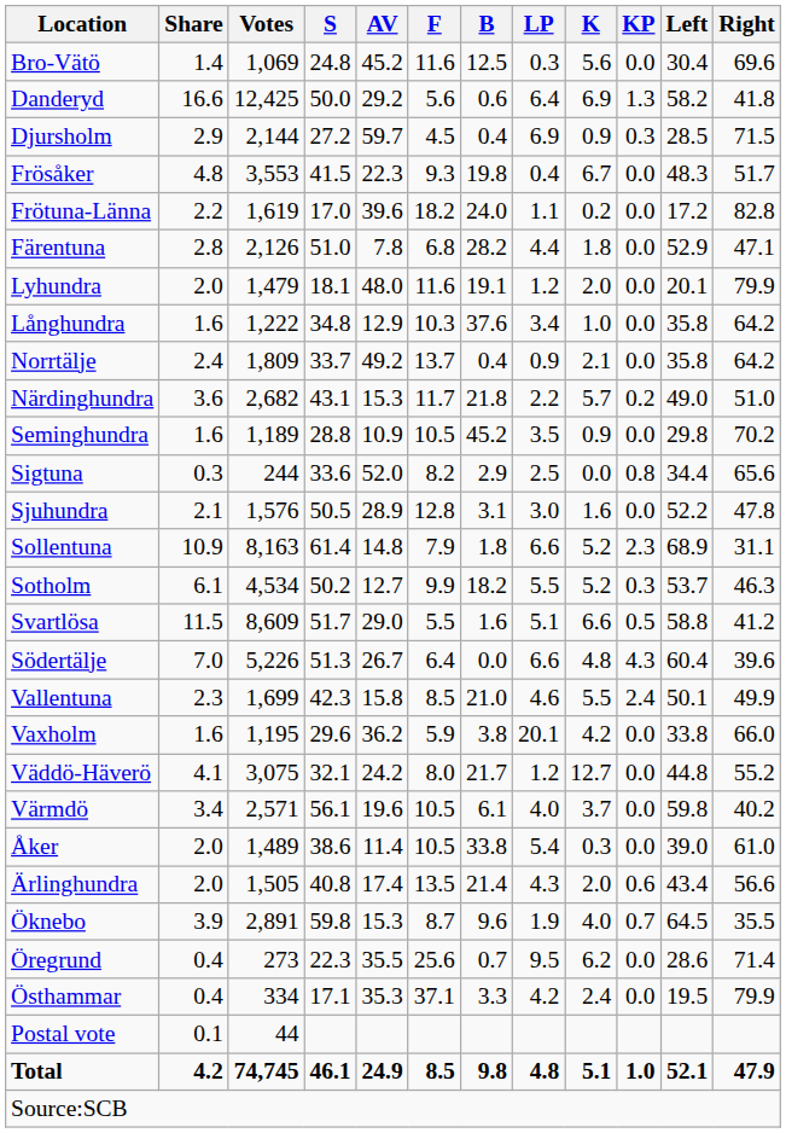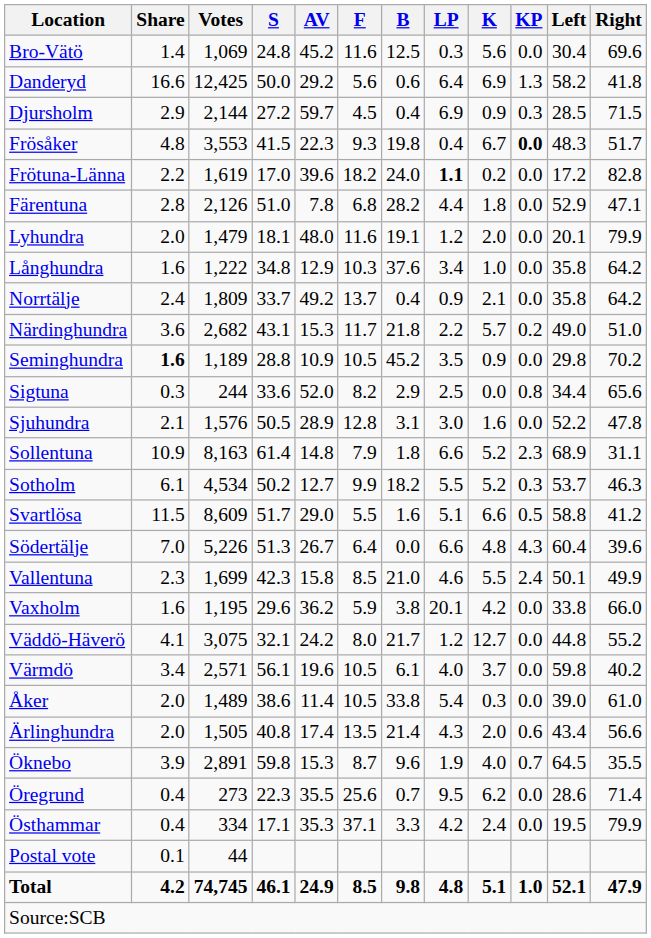 <table class="wikitable sortable" style=text-align:right>
 <tr>
 <th>Location</th>
 <th>Share</th>
 <th>Votes</th>
 <th><a href='#'>S</a></th>
 <th><a href='#'>AV</a></th>
 <th><a href='#'>F</a></th>
 <th><a href='#'>B</a></th>
 <th><a href='#'>LP</a></th>
 <th><a href='#'>K</a></th>
 <th><a href='#'>KP</a></th>
 <th>Left</th>
 <th>Right</th>
 </tr>
 <tr>
 <td align=left><a href='#'>Bro-Vätö</a></td>
 <td>1.4</td>
 <td>1,069</td>
 <td>24.8</td>
 <td>45.2</td>
 <td>11.6</td>
 <td>12.5</td>
 <td>0.3</td>
 <td>5.6</td>
 <td>0.0</td>
 <td>30.4</td>
 <td>69.6</td>
 </tr>
 <tr>
 <td align=left><a href='#'>Danderyd</a></td>
 <td>16.6</td>
 <td>12,425</td>
 <td>50.0</td>
 <td>29.2</td>
 <td>5.6</td>
 <td>0.6</td>
 <td>6.4</td>
 <td>6.9</td>
 <td>1.3</td>
 <td>58.2</td>
 <td>41.8</td>
 </tr>
 <tr>
 <td align=left><a href='#'>Djursholm</a></td>
 <td>2.9</td>
 <td>2,144</td>
 <td>27.2</td>
 <td>59.7</td>
 <td>4.5</td>
 <td>0.4</td>
 <td>6.9</td>
 <td>0.9</td>
 <td>0.3</td>
 <td>28.5</td>
 <td>71.5</td>
 </tr>
 <tr>
 <td align=left><a href='#'>Frösåker</a></td>
 <td>4.8</td>
 <td>3,553</td>
 <td>41.5</td>
 <td>22.3</td>
 <td>9.3</td>
 <td>19.8</td>
 <td>0.4</td>
 <td>6.7</td>
-<td>0.0</td>
+<td><strong>0.0</strong></td>
 <td>48.3</td>
 <td>51.7</td>
 </tr>
 <tr>
 <td align=left><a href='#'>Frötuna-Länna</a></td>
 <td>2.2</td>
 <td>1,619</td>
 <td>17.0</td>
 <td>39.6</td>
 <td>18.2</td>
 <td>24.0</td>
-<td>1.1</td>
+<td><strong>1.1</strong></td>
 <td>0.2</td>
 <td>0.0</td>
 <td>17.2</td>
 <td>82.8</td>
 </tr>
 <tr>
 <td align=left><a href='#'>Färentuna</a></td>
 <td>2.8</td>
 <td>2,126</td>
 <td>51.0</td>
 <td>7.8</td>
 <td>6.8</td>
 <td>28.2</td>
 <td>4.4</td>
 <td>1.8</td>
 <td>0.0</td>
 <td>52.9</td>
 <td>47.1</td>
 </tr>
 <tr>
 <td align=left><a href='#'>Lyhundra</a></td>
 <td>2.0</td>
 <td>1,479</td>
 <td>18.1</td>
 <td>48.0</td>
 <td>11.6</td>
 <td>19.1</td>
 <td>1.2</td>
 <td>2.0</td>
 <td>0.0</td>
 <td>20.1</td>
 <td>79.9</td>
 </tr>
 <tr>
 <td align=left><a href='#'>Långhundra</a></td>
 <td>1.6</td>
 <td>1,222</td>
 <td>34.8</td>
 <td>12.9</td>
 <td>10.3</td>
 <td>37.6</td>
 <td>3.4</td>
 <td>1.0</td>
 <td>0.0</td>
 <td>35.8</td>
 <td>64.2</td>
 </tr>
 <tr>
 <td align=left><a href='#'>Norrtälje</a></td>
 <td>2.4</td>
 <td>1,809</td>
 <td>33.7</td>
 <td>49.2</td>
 <td>13.7</td>
 <td>0.4</td>
 <td>0.9</td>
 <td>2.1</td>
 <td>0.0</td>
 <td>35.8</td>
 <td>64.2</td>
 </tr>
 <tr>
 <td align=left><a href='#'>Närdinghundra</a></td>
 <td>3.6</td>
 <td>2,682</td>
 <td>43.1</td>
 <td>15.3</td>
 <td>11.7</td>
 <td>21.8</td>
 <td>2.2</td>
 <td>5.7</td>
 <td>0.2</td>
 <td>49.0</td>
 <td>51.0</td>
 </tr>
 <tr>
 <td align=left><a href='#'>Seminghundra</a></td>
-<td>1.6</td>
+<td><strong>1.6</strong></td>
 <td>1,189</td>
 <td>28.8</td>
 <td>10.9</td>
 <td>10.5</td>
 <td>45.2</td>
 <td>3.5</td>
 <td>0.9</td>
 <td>0.0</td>
 <td>29.8</td>
 <td>70.2</td>
 </tr>
 <tr>
 <td align=left><a href='#'>Sigtuna</a></td>
 <td>0.3</td>
 <td>244</td>
 <td>33.6</td>
 <td>52.0</td>
 <td>8.2</td>
 <td>2.9</td>
 <td>2.5</td>
 <td>0.0</td>
 <td>0.8</td>
 <td>34.4</td>
 <td>65.6</td>
 </tr>
 <tr>
 <td align=left><a href='#'>Sjuhundra</a></td>
 <td>2.1</td>
 <td>1,576</td>
 <td>50.5</td>
 <td>28.9</td>
 <td>12.8</td>
 <td>3.1</td>
 <td>3.0</td>
 <td>1.6</td>
 <td>0.0</td>
 <td>52.2</td>
 <td>47.8</td>
 </tr>
 <tr>
 <td align=left><a href='#'>Sollentuna</a></td>
 <td>10.9</td>
 <td>8,163</td>
 <td>61.4</td>
 <td>14.8</td>
 <td>7.9</td>
 <td>1.8</td>
 <td>6.6</td>
 <td>5.2</td>
 <td>2.3</td>
 <td>68.9</td>
 <td>31.1</td>
 </tr>
 <tr>
 <td align=left><a href='#'>Sotholm</a></td>
 <td>6.1</td>
 <td>4,534</td>
 <td>50.2</td>
 <td>12.7</td>
 <td>9.9</td>
 <td>18.2</td>
 <td>5.5</td>
 <td>5.2</td>
 <td>0.3</td>
 <td>53.7</td>
 <td>46.3</td>
 </tr>
 <tr>
 <td align=left><a href='#'>Svartlösa</a></td>
 <td>11.5</td>
 <td>8,609</td>
 <td>51.7</td>
 <td>29.0</td>
 <td>5.5</td>
 <td>1.6</td>
 <td>5.1</td>
 <td>6.6</td>
 <td>0.5</td>
 <td>58.8</td>
 <td>41.2</td>
 </tr>
 <tr>
 <td align=left><a href='#'>Södertälje</a></td>
 <td>7.0</td>
 <td>5,226</td>
 <td>51.3</td>
 <td>26.7</td>
 <td>6.4</td>
 <td>0.0</td>
 <td>6.6</td>
 <td>4.8</td>
 <td>4.3</td>
 <td>60.4</td>
 <td>39.6</td>
 </tr>
 <tr>
 <td align=left><a href='#'>Vallentuna</a></td>
 <td>2.3</td>
 <td>1,699</td>
 <td>42.3</td>
 <td>15.8</td>
 <td>8.5</td>
 <td>21.0</td>
 <td>4.6</td>
 <td>5.5</td>
 <td>2.4</td>
 <td>50.1</td>
 <td>49.9</td>
 </tr>
 <tr>
 <td align=left><a href='#'>Vaxholm</a></td>
 <td>1.6</td>
 <td>1,195</td>
 <td>29.6</td>
 <td>36.2</td>
 <td>5.9</td>
 <td>3.8</td>
 <td>20.1</td>
 <td>4.2</td>
 <td>0.0</td>
 <td>33.8</td>
 <td>66.0</td>
 </tr>
 <tr>
 <td align=left><a href='#'>Väddö-Häverö</a></td>
 <td>4.1</td>
 <td>3,075</td>
 <td>32.1</td>
 <td>24.2</td>
 <td>8.0</td>
 <td>21.7</td>
 <td>1.2</td>
 <td>12.7</td>
 <td>0.0</td>
 <td>44.8</td>
 <td>55.2</td>
 </tr>
 <tr>
 <td align=left><a href='#'>Värmdö</a></td>
 <td>3.4</td>
 <td>2,571</td>
 <td>56.1</td>
 <td>19.6</td>
 <td>10.5</td>
 <td>6.1</td>
 <td>4.0</td>
 <td>3.7</td>
 <td>0.0</td>
 <td>59.8</td>
 <td>40.2</td>
 </tr>
 <tr>
 <td align=left><a href='#'>Åker</a></td>
 <td>2.0</td>
 <td>1,489</td>
 <td>38.6</td>
 <td>11.4</td>
 <td>10.5</td>
 <td>33.8</td>
 <td>5.4</td>
 <td>0.3</td>
 <td>0.0</td>
 <td>39.0</td>
 <td>61.0</td>
 </tr>
 <tr>
 <td align=left><a href='#'>Ärlinghundra</a></td>
 <td>2.0</td>
 <td>1,505</td>
 <td>40.8</td>
 <td>17.4</td>
 <td>13.5</td>
 <td>21.4</td>
 <td>4.3</td>
 <td>2.0</td>
 <td>0.6</td>
 <td>43.4</td>
 <td>56.6</td>
 </tr>
 <tr>
 <td align=left><a href='#'>Öknebo</a></td>
 <td>3.9</td>
 <td>2,891</td>
 <td>59.8</td>
 <td>15.3</td>
 <td>8.7</td>
 <td>9.6</td>
 <td>1.9</td>
 <td>4.0</td>
 <td>0.7</td>
 <td>64.5</td>
 <td>35.5</td>
 </tr>
 <tr>
 <td align=left><a href='#'>Öregrund</a></td>
 <td>0.4</td>
 <td>273</td>
 <td>22.3</td>
 <td>35.5</td>
 <td>25.6</td>
 <td>0.7</td>
 <td>9.5</td>
 <td>6.2</td>
 <td>0.0</td>
 <td>28.6</td>
 <td>71.4</td>
 </tr>
 <tr>
 <td align=left><a href='#'>Östhammar</a></td>
 <td>0.4</td>
 <td>334</td>
 <td>17.1</td>
 <td>35.3</td>
 <td>37.1</td>
 <td>3.3</td>
 <td>4.2</td>
 <td>2.4</td>
 <td>0.0</td>
 <td>19.5</td>
 <td>79.9</td>
 </tr>
 <tr>
 <td align=left><a href='#'>Postal vote</a></td>
 <td>0.1</td>
 <td>44</td>
 <td></td>
 <td></td>
 <td></td>
 <td></td>
 <td></td>
 <td></td>
 <td></td>
 <td></td>
 <td></td>
 </tr>
 <tr>
 <td align=left><strong>Total</strong></td>
 <td><strong>4.2</strong></td>
 <td><strong>74,745</strong></td>
 <td><strong>46.1</strong></td>
 <td><strong>24.9</strong></td>
 <td><strong>8.5</strong></td>
 <td><strong>9.8</strong></td>
 <td><strong>4.8</strong></td>
 <td><strong>5.1</strong></td>
 <td><strong>1.0</strong></td>
 <td><strong>52.1</strong></td>
 <td><strong>47.9</strong></td>
 </tr>
 <tr>
 <td align=left colspan=12>Source:SCB </td>
 </tr>
 </table>
